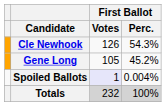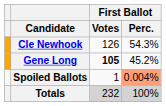 <table class="wikitable">
 <tr>
 <th width="3"></th>
 <th></th>
 <th colspan="2">First Ballot</th>
 </tr>
 <tr>
 <th width="3"></th>
 <th>Candidate</th>
 <th>Votes</th>
 <th>Perc.</th>
 </tr>
 <tr>
 <td style="background:orange;"></td>
 <th><a href='#'>Cle Newhook</a></th>
 <td align="right">126</td>
 <td align="right">54.3%</td>
 </tr>
 <tr>
 <td style="background:orange;"></td>
 <th><a href='#'>Gene Long</a></th>
-<td align="right">105</td>
+<td align="right"><strong>105</strong></td>
 <td align="right">45.2%</td>
 </tr>
 <tr>
 <td></td>
 <th>Spoiled Ballots</th>
-<td align="right" style="background: lavender;">1</td>
-<td align="right">0.004%</td>
+<td align="right">1</td>
+<td align="right" style="background: lightsalmon;">0.004%</td>
 </tr>
 <tr style="background:lightgrey;">
 <th></th>
 <th>Totals</th>
 <td align="right">232</td>
 <td align="right">100%</td>
 </tr>
 </table>
